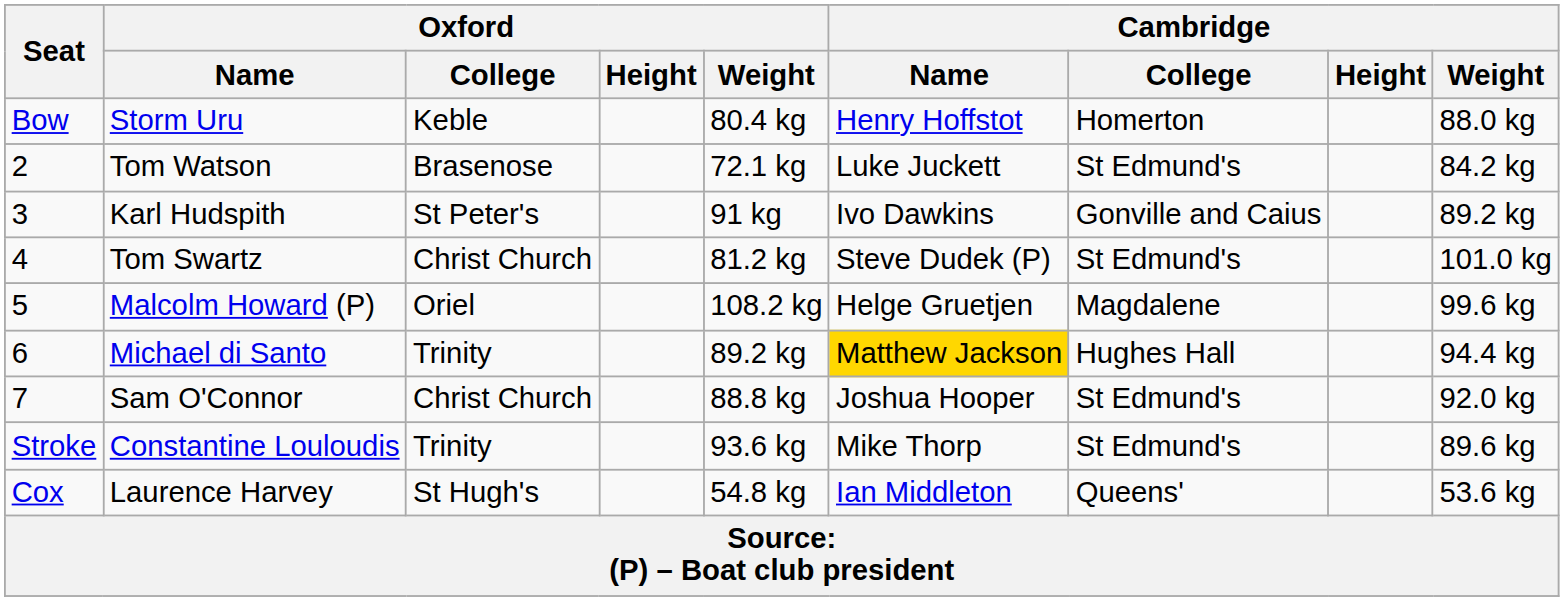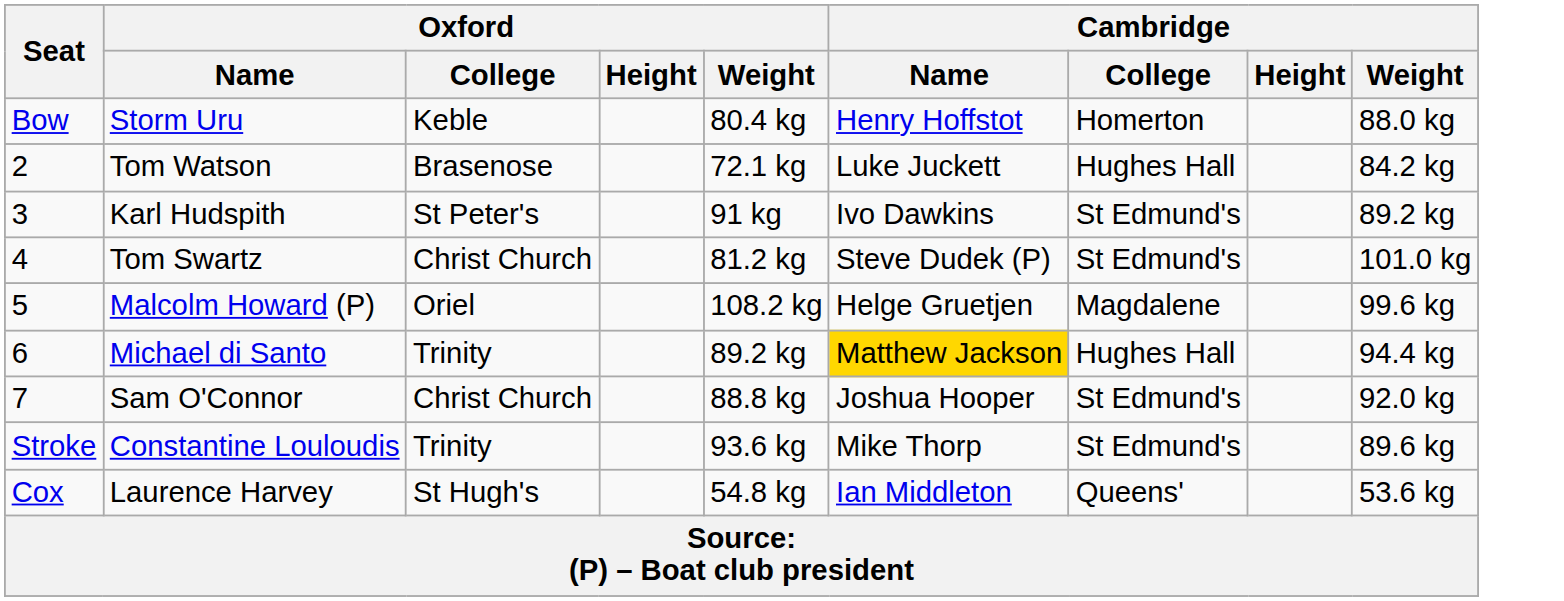 <table class="wikitable">
 <tr>
 <th rowspan="2" scope="col">Seat</th>
 <th colspan="4" scope="col">Oxford <br> </th>
 <th colspan="4" scope="col">Cambridge <br> </th>
 </tr>
 <tr>
 <th>Name</th>
 <th>College</th>
 <th>Height</th>
 <th>Weight</th>
 <th>Name</th>
 <th>College</th>
 <th>Height</th>
 <th>Weight</th>
 </tr>
 <tr>
 <td><a href='#'>Bow</a></td>
 <td><a href='#'>Storm Uru</a></td>
 <td>Keble</td>
 <td></td>
 <td>80.4 kg</td>
 <td><a href='#'>Henry Hoffstot</a></td>
 <td>Homerton</td>
 <td></td>
 <td>88.0 kg</td>
 </tr>
 <tr>
 <td>2</td>
 <td>Tom Watson</td>
 <td>Brasenose</td>
 <td></td>
 <td>72.1 kg</td>
 <td>Luke Juckett</td>
-<td>St Edmund's</td>
+<td>Hughes Hall</td>
 <td></td>
 <td>84.2 kg</td>
 </tr>
 <tr>
 <td>3</td>
 <td>Karl Hudspith</td>
 <td>St Peter's</td>
 <td></td>
 <td>91 kg</td>
 <td>Ivo Dawkins</td>
-<td>Gonville and Caius</td>
+<td>St Edmund's</td>
 <td></td>
 <td>89.2 kg</td>
 </tr>
 <tr>
 <td>4</td>
 <td>Tom Swartz</td>
 <td>Christ Church</td>
 <td></td>
 <td>81.2 kg</td>
 <td>Steve Dudek (P)</td>
 <td>St Edmund's</td>
 <td></td>
 <td>101.0 kg</td>
 </tr>
 <tr>
 <td>5</td>
 <td><a href='#'>Malcolm Howard</a> (P)</td>
 <td>Oriel</td>
 <td></td>
 <td>108.2 kg</td>
 <td>Helge Gruetjen</td>
 <td>Magdalene</td>
 <td></td>
 <td>99.6 kg</td>
 </tr>
 <tr>
 <td>6</td>
 <td><a href='#'>Michael di Santo</a></td>
 <td>Trinity</td>
 <td></td>
 <td>89.2 kg</td>
 <td style="background: gold;">Matthew Jackson</td>
 <td>Hughes Hall</td>
 <td></td>
 <td>94.4 kg</td>
 </tr>
 <tr>
 <td>7</td>
 <td>Sam O'Connor</td>
 <td>Christ Church</td>
 <td></td>
 <td>88.8 kg</td>
 <td>Joshua Hooper</td>
 <td>St Edmund's</td>
 <td></td>
 <td>92.0 kg</td>
 </tr>
 <tr>
 <td><a href='#'>Stroke</a></td>
 <td><a href='#'>Constantine Louloudis</a></td>
 <td>Trinity</td>
 <td></td>
 <td>93.6 kg</td>
 <td>Mike Thorp</td>
 <td>St Edmund's</td>
 <td></td>
 <td>89.6 kg</td>
 </tr>
 <tr>
 <td><a href='#'>Cox</a></td>
 <td>Laurence Harvey</td>
 <td>St Hugh's</td>
 <td></td>
 <td>54.8 kg</td>
 <td><a href='#'>Ian Middleton</a></td>
 <td>Queens'</td>
 <td></td>
 <td>53.6 kg</td>
 </tr>
 <tr>
 <th colspan="9">Source:<br>(P) – Boat club president</th>
 </tr>
 </table>
